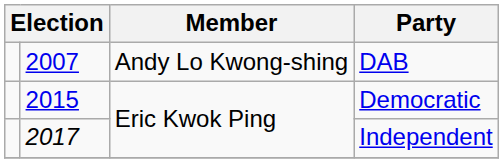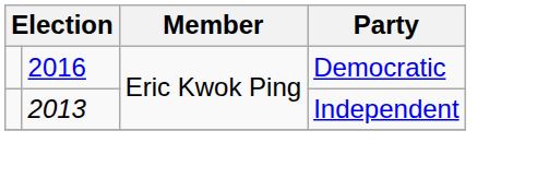 <table class="wikitable">
 <tr>
 <th colspan="2">Election</th>
 <th>Member</th>
 <th>Party</th>
 </tr>
 <tr>
 <td style="color:inherit;background:"></td>
-<td><a href='#'>2007</a></td>
-<td>Andy Lo Kwong-shing</td>
-<td><a href='#'>DAB</a></td>
-</tr>
-<tr>
-<td style="color:inherit;background:"></td>
-<td><a href='#'>2015</a></td>
+<td><a href='#'>2016</a></td>
 <td rowspan=2>Eric Kwok Ping</td>
 <td><a href='#'>Democratic</a></td>
 </tr>
 <tr>
 <td style="color:inherit;background:"></td>
-<td><em>2017</em></td>
+<td><em>2013</em></td>
 <td><a href='#'>Independent</a></td>
 </tr>
 <tr>
 </tr>
 </table>
